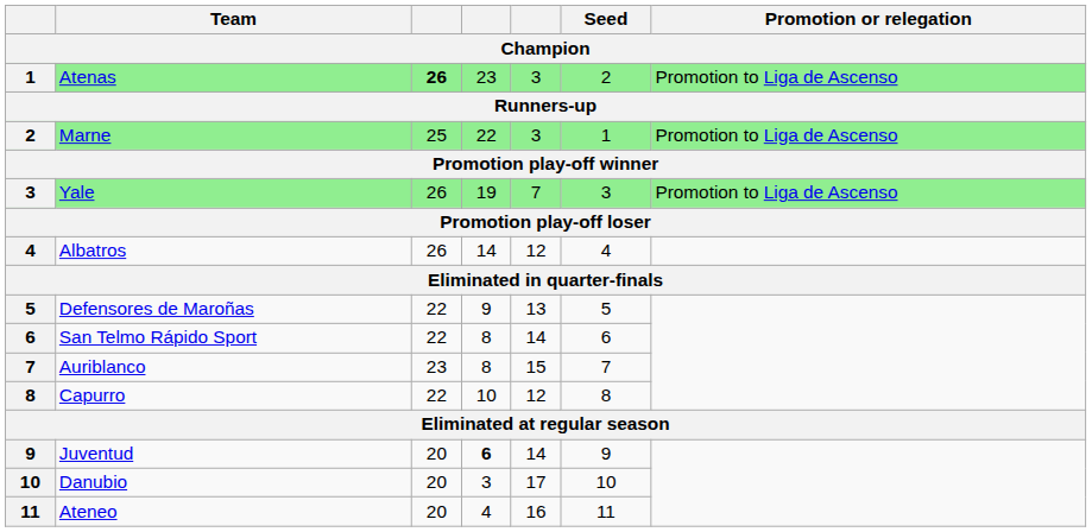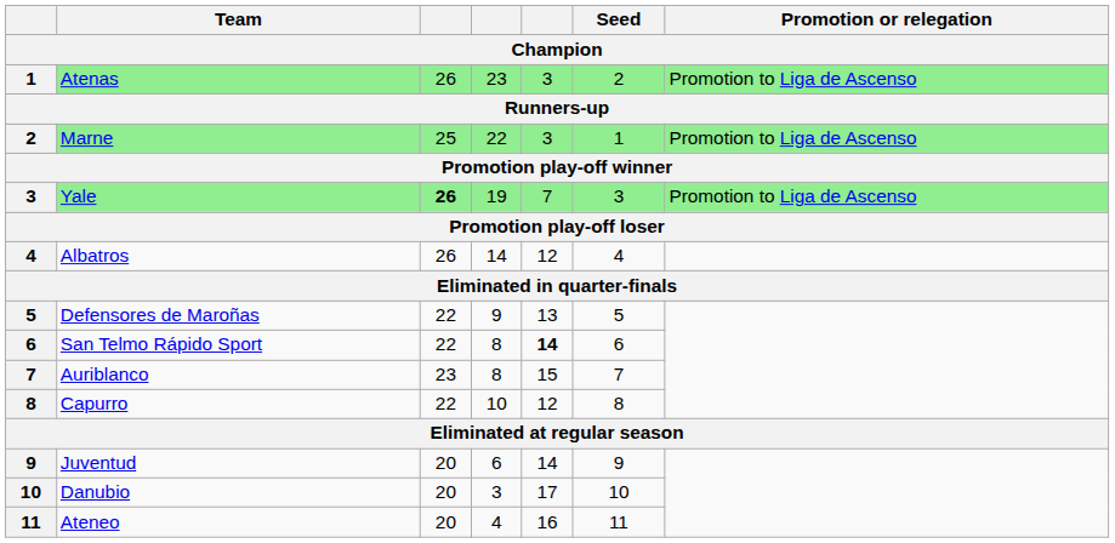 <table class="wikitable" width=75% style= align:center">
 <tr>
 <th></th>
 <th width:45%>Team</th>
 <th></th>
 <th></th>
 <th></th>
 <th>Seed</th>
 <th>Promotion or relegation</th>
 </tr>
 <tr>
 <th colspan="7">Champion</th>
 </tr>
 <tr bgcolor="lightgreen">
 <th>1</th>
 <td><a href='#'>Atenas</a></td>
-<td align="center"><strong>26</strong></td>
+<td align="center">26</td>
 <td align="center">23</td>
 <td align="center">3</td>
 <td align="center">2</td>
 <td>Promotion to <a href='#'>Liga de Ascenso</a></td>
 </tr>
 <tr>
 <th colspan="7">Runners-up</th>
 </tr>
 <tr bgcolor="lightgreen">
 <th>2</th>
 <td><a href='#'>Marne</a></td>
 <td align="center">25</td>
 <td align="center">22</td>
 <td align="center">3</td>
 <td align="center">1</td>
 <td>Promotion to <a href='#'>Liga de Ascenso</a></td>
 </tr>
 <tr>
 <th colspan="7">Promotion play-off winner</th>
 </tr>
 <tr bgcolor="lightgreen">
 <th>3</th>
 <td><a href='#'>Yale</a></td>
-<td align="center">26</td>
+<td align="center"><strong>26</strong></td>
 <td align="center">19</td>
 <td align="center">7</td>
 <td align="center">3</td>
 <td>Promotion to <a href='#'>Liga de Ascenso</a></td>
 </tr>
 <tr>
 <th colspan="7">Promotion play-off loser</th>
 </tr>
 <tr>
 <th>4</th>
 <td><a href='#'>Albatros</a></td>
 <td align="center">26</td>
 <td align="center">14</td>
 <td align="center">12</td>
 <td align="center">4</td>
 <td></td>
 </tr>
 <tr>
 <th colspan="7">Eliminated in quarter-finals</th>
 </tr>
 <tr>
 <th>5</th>
 <td><a href='#'>Defensores de Maroñas</a></td>
 <td align="center">22</td>
 <td align="center">9</td>
 <td align="center">13</td>
 <td align="center">5</td>
 <td rowspan="4"></td>
 </tr>
 <tr>
 <th>6</th>
 <td><a href='#'>San Telmo Rápido Sport</a></td>
 <td align="center">22</td>
 <td align="center">8</td>
-<td align="center">14</td>
+<td align="center"><strong>14</strong></td>
 <td align="center">6</td>
 </tr>
 <tr>
 <th>7</th>
 <td><a href='#'>Auriblanco</a></td>
 <td align="center">23</td>
 <td align="center">8</td>
 <td align="center">15</td>
 <td align="center">7</td>
 </tr>
 <tr>
 <th>8</th>
 <td><a href='#'>Capurro</a></td>
 <td align="center">22</td>
 <td align="center">10</td>
 <td align="center">12</td>
 <td align="center">8</td>
 </tr>
 <tr>
 <th colspan="7">Eliminated at regular season</th>
 </tr>
 <tr>
 <th>9</th>
 <td><a href='#'>Juventud</a></td>
 <td align="center">20</td>
-<td align="center"><strong>6</strong></td>
+<td align="center">6</td>
 <td align="center">14</td>
 <td align="center">9</td>
 <td rowspan="5"></td>
 </tr>
 <tr>
 <th>10</th>
 <td><a href='#'>Danubio</a></td>
 <td align="center">20</td>
 <td align="center">3</td>
 <td align="center">17</td>
 <td align="center">10</td>
 </tr>
 <tr>
 <th>11</th>
 <td><a href='#'>Ateneo</a></td>
 <td align="center">20</td>
 <td align="center">4</td>
 <td align="center">16</td>
 <td align="center">11</td>
 </tr>
 </table>
